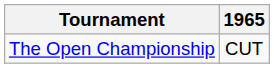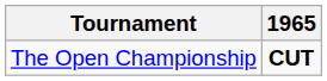 <table class="wikitable" style="font-size:95%;text-align:center;">
 <tr>
 <th>Tournament</th>
 <th>1965</th>
 </tr>
 <tr>
 <td align="left"><a href='#'>The Open Championship</a></td>
-<td>CUT</td>
+<td><strong>CUT</strong></td>
 </tr>
 </table>
